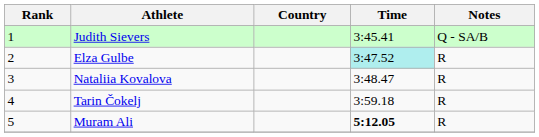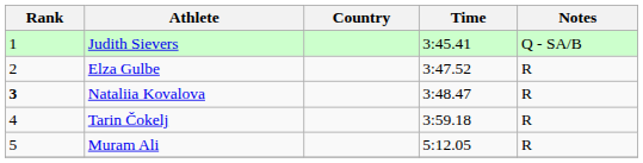 <table class="wikitable" width=50%>
 <tr>
 <th>Rank</th>
 <th>Athlete</th>
 <th>Country</th>
 <th>Time</th>
 <th>Notes</th>
 </tr>
 <tr bgcolor=ccffcc>
 <td>1</td>
 <td><a href='#'>Judith Sievers</a></td>
 <td></td>
 <td>3:45.41</td>
 <td>Q - SA/B</td>
 </tr>
 <tr>
 <td>2</td>
 <td><a href='#'>Elza Gulbe</a></td>
 <td></td>
-<td style="background: paleturquoise;">3:47.52</td>
+<td>3:47.52</td>
 <td>R</td>
 </tr>
 <tr>
-<td>3</td>
+<td><strong>3</strong></td>
 <td><a href='#'>Nataliia Kovalova</a></td>
 <td></td>
 <td>3:48.47</td>
 <td>R</td>
 </tr>
 <tr>
 <td>4</td>
 <td><a href='#'>Tarin Čokelj</a></td>
 <td></td>
 <td>3:59.18</td>
 <td>R</td>
 </tr>
 <tr>
 <td>5</td>
 <td><a href='#'>Muram Ali</a></td>
 <td></td>
-<td><strong>5:12.05</strong></td>
+<td>5:12.05</td>
 <td>R</td>
 </tr>
 <tr>
 </tr>
 </table>
